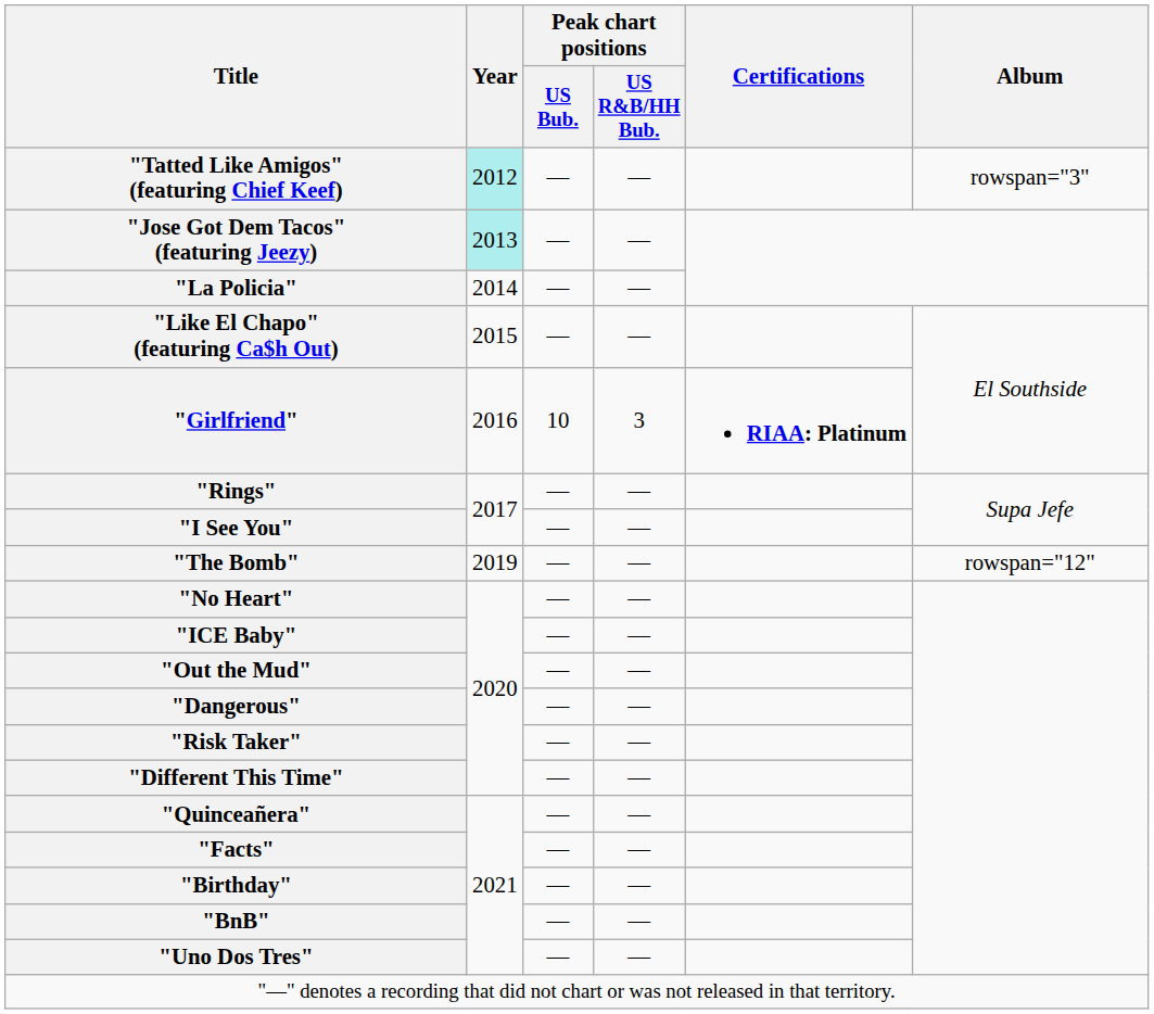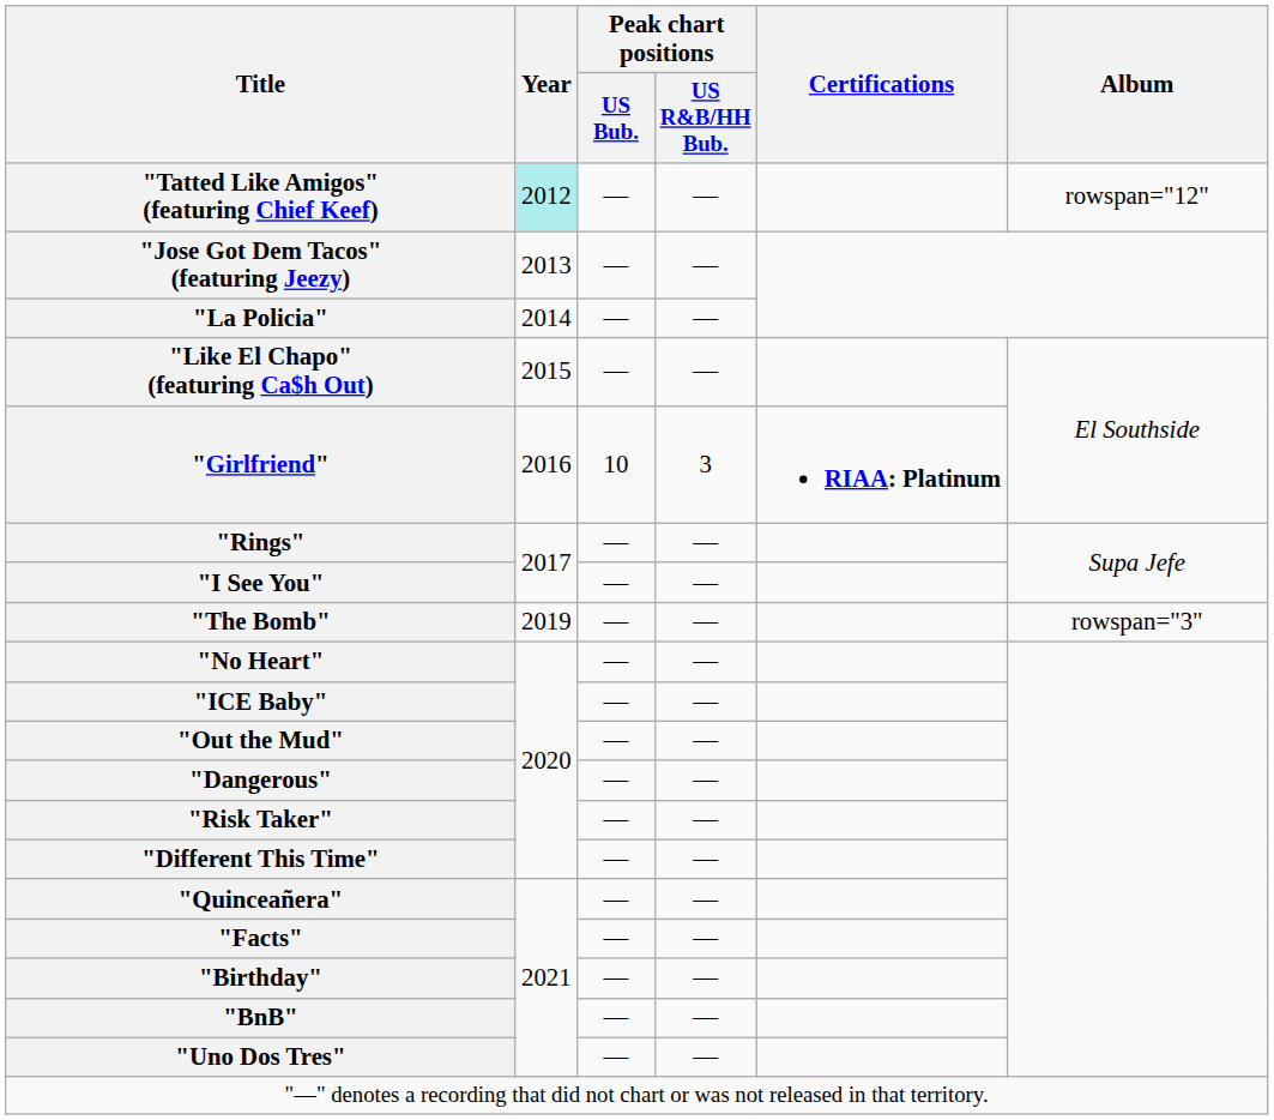 <table class="wikitable plainrowheaders" style="text-align:center;">
 <tr>
 <th scope="col" rowspan="2" style="width:20em;">Title</th>
 <th scope="col" rowspan="2" style="width:1em;">Year</th>
 <th scope="col" colspan="2">Peak chart positions</th>
 <th scope="col" rowspan="2"><a href='#'>Certifications</a></th>
 <th scope="col" rowspan="2" style="width:10em;">Album</th>
 </tr>
 <tr>
 <th scope="col" style="width:3em;font-size:90%;"><a href='#'>US<br>Bub.</a><br></th>
 <th scope="col" style="width:3em;font-size:90%;"><a href='#'>US<br>R&B/HH<br>Bub.</a><br></th>
 </tr>
 <tr>
 <th scope="row">"Tatted Like Amigos"<br><span>(featuring <a href='#'>Chief Keef</a>)</span></th>
 <td style="background: paleturquoise;">2012</td>
 <td>—</td>
 <td>—</td>
 <td></td>
-<td>rowspan="3" </td>
+<td>rowspan="12" </td>
 </tr>
 <tr>
 <th scope="row">"Jose Got Dem Tacos"<br><span>(featuring <a href='#'>Jeezy</a>)</span></th>
-<td style="background: paleturquoise;">2013</td>
+<td>2013</td>
 <td>—</td>
 <td>—</td>
 </tr>
 <tr>
 <th scope="row">"La Policia"</th>
 <td>2014</td>
 <td>—</td>
 <td>—</td>
 </tr>
 <tr>
 <th scope="row">"Like El Chapo"<br><span>(featuring <a href='#'>Ca$h Out</a>)</span></th>
 <td>2015</td>
 <td>—</td>
 <td>—</td>
 <td></td>
 <td rowspan="2"><em>El Southside</em></td>
 </tr>
 <tr>
 <th scope="row">"<a href='#'>Girlfriend</a>"</th>
 <td>2016</td>
 <td>10</td>
 <td>3</td>
 <td><strong><br><ul><li><a href='#'>RIAA</a>: Platinum</li></ul></strong></td>
 </tr>
 <tr>
 <th scope="row">"Rings"</th>
 <td rowspan="2">2017</td>
 <td>—</td>
 <td>—</td>
 <td></td>
 <td rowspan="2"><em>Supa Jefe</em></td>
 </tr>
 <tr>
 <th scope="row">"I See You"<br></th>
 <td>—</td>
 <td>—</td>
 </tr>
 <tr>
 <th scope="row">"The Bomb"</th>
 <td>2019</td>
 <td>—</td>
 <td>—</td>
 <td></td>
-<td>rowspan="12" </td>
+<td>rowspan="3" </td>
 </tr>
 <tr>
 <th scope="row">"No Heart"<br></th>
 <td rowspan="6">2020</td>
 <td>—</td>
 <td>—</td>
 <td></td>
 </tr>
 <tr>
 <th scope="row">"ICE Baby"</th>
 <td>—</td>
 <td>—</td>
 <td></td>
 </tr>
 <tr>
 <th scope="row">"Out the Mud"</th>
 <td>—</td>
 <td>—</td>
 <td></td>
 </tr>
 <tr>
 <th scope="row">"Dangerous"</th>
 <td>—</td>
 <td>—</td>
 <td></td>
 </tr>
 <tr>
 <th scope="row">"Risk Taker"</th>
 <td>—</td>
 <td>—</td>
 <td></td>
 </tr>
 <tr>
 <th scope="row">"Different This Time"</th>
 <td>—</td>
 <td>—</td>
 <td></td>
 </tr>
 <tr>
 <th scope="row">"Quinceañera"</th>
 <td rowspan="5">2021</td>
 <td>—</td>
 <td>—</td>
 <td></td>
 </tr>
 <tr>
 <th scope="row">"Facts"</th>
 <td>—</td>
 <td>—</td>
 <td></td>
 </tr>
 <tr>
 <th scope="row">"Birthday"</th>
 <td>—</td>
 <td>—</td>
 <td></td>
 </tr>
 <tr>
 <th scope="row">"BnB"<br></th>
 <td>—</td>
 <td>—</td>
 <td></td>
 </tr>
 <tr>
 <th scope="row">"Uno Dos Tres"</th>
 <td>—</td>
 <td>—</td>
 <td></td>
 </tr>
 <tr>
 <td colspan="6" style="font-size:90%">"—" denotes a recording that did not chart or was not released in that territory.</td>
 </tr>
 </table>
